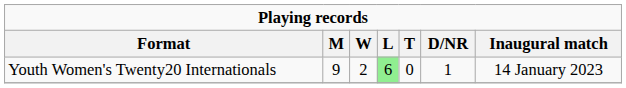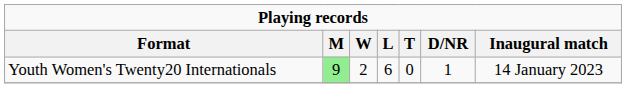 <table class="wikitable" style="text-align: center; width: 600px">
 <tr>
 <td colspan=7 align="center"><strong>Playing records</strong></td>
 </tr>
 <tr>
 <th>Format</th>
 <th>M</th>
 <th>W</th>
 <th>L</th>
 <th>T</th>
 <th>D/NR</th>
 <th>Inaugural match</th>
 </tr>
 <tr>
 <td align="left">Youth Women's Twenty20 Internationals</td>
-<td>9</td>
+<td style="background: lightgreen;">9</td>
 <td>2</td>
-<td style="background: lightgreen;">6</td>
+<td>6</td>
 <td>0</td>
 <td>1</td>
 <td>14 January 2023</td>
 </tr>
 <tr>
 </tr>
 </table>
